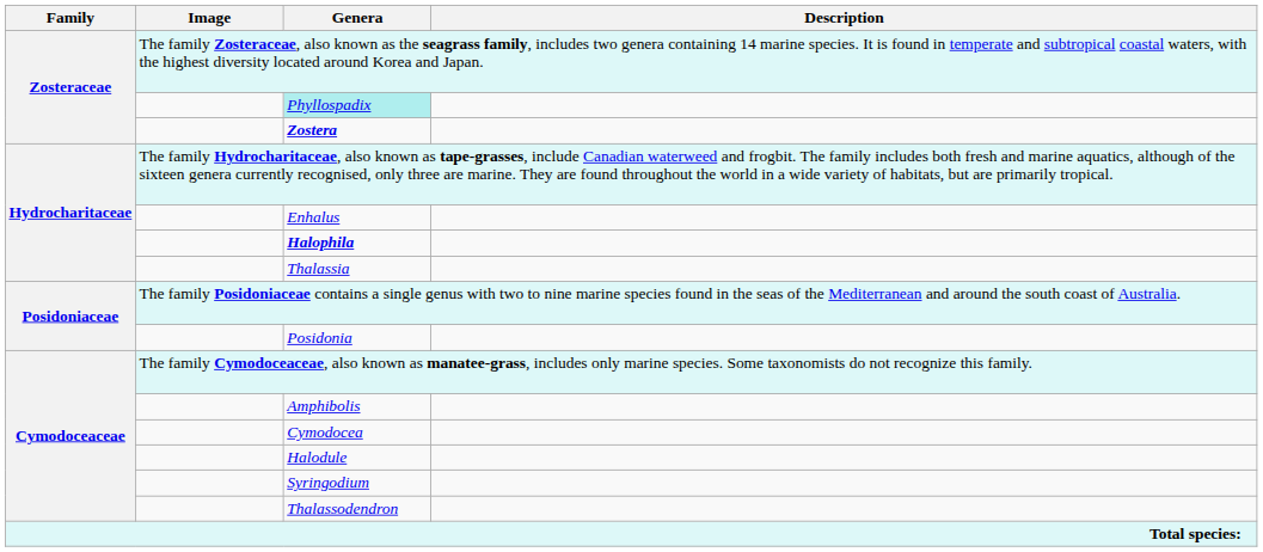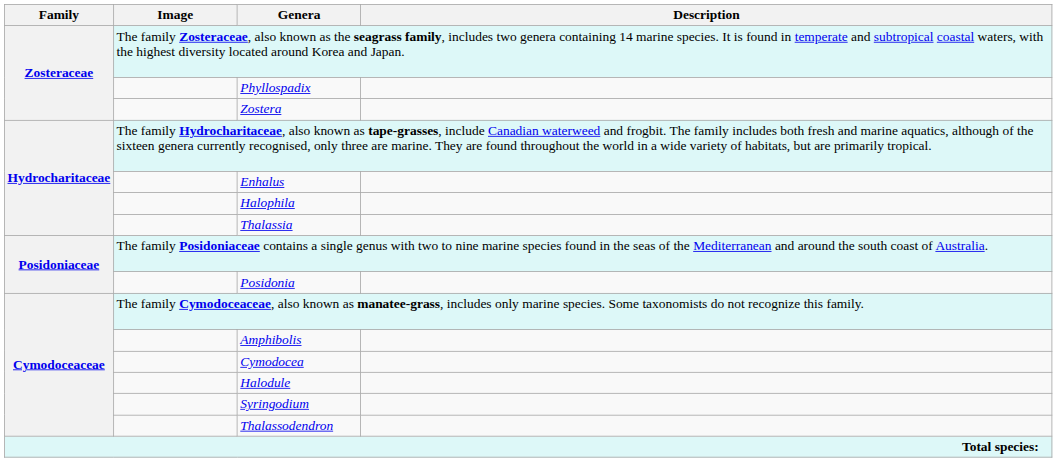 <table class="wikitable">
 <tr>
 <th>Family</th>
 <th width=140px>Image</th>
 <th width=140px>Genera</th>
 <th>Description</th>
 </tr>
 <tr>
 <th rowspan=3><a href='#'>Zosteraceae</a></th>
 <td colspan=3 style="text-align:left; background:#ddf8f8;">The family <strong><a href='#'>Zosteraceae</a></strong>, also known as the <strong>seagrass family</strong>, includes two genera containing 14 marine species. It is found in <a href='#'>temperate</a> and <a href='#'>subtropical</a> <a href='#'>coastal</a> waters, with the highest diversity located around Korea and Japan.<br><br></td>
 </tr>
 <tr>
 <td></td>
-<td style="background: paleturquoise;"><em><a href='#'>Phyllospadix</a></em></td>
+<td><em><a href='#'>Phyllospadix</a></em></td>
 <td></td>
 </tr>
 <tr>
 <td></td>
-<td><strong><em><a href='#'>Zostera</a></em></strong></td>
+<td><em><a href='#'>Zostera</a></em></td>
 <td></td>
 </tr>
 <tr>
 <th rowspan=4><a href='#'>Hydrocharitaceae</a></th>
 <td colspan=3 style="text-align:left; background:#ddf8f8;">The family <strong><a href='#'>Hydrocharitaceae</a></strong>, also known as <strong>tape-grasses</strong>, include <a href='#'>Canadian waterweed</a> and frogbit. The family includes both fresh and marine aquatics, although of the sixteen genera currently recognised, only three are marine. They are found throughout the world in a wide variety of habitats, but are primarily tropical.<br><br></td>
 </tr>
 <tr>
 <td></td>
 <td><em><a href='#'>Enhalus</a></em></td>
 <td></td>
 </tr>
 <tr>
 <td></td>
-<td><strong><em><a href='#'>Halophila</a></em></strong></td>
+<td><em><a href='#'>Halophila</a></em></td>
 <td></td>
 </tr>
 <tr>
 <td></td>
 <td><a href='#'><em>Thalassia</em></a></td>
 <td></td>
 </tr>
 <tr>
 <th rowspan=2><a href='#'>Posidoniaceae</a></th>
 <td colspan=3 style="text-align:left; background:#ddf8f8;">The family <strong><a href='#'>Posidoniaceae</a></strong> contains a single genus with two to nine marine species found in the seas of the <a href='#'>Mediterranean</a> and around the south coast of <a href='#'>Australia</a>.<br><br></td>
 </tr>
 <tr>
 <td></td>
 <td><em><a href='#'>Posidonia</a></em></td>
 <td></td>
 </tr>
 <tr>
 <th rowspan=6><a href='#'>Cymodoceaceae</a></th>
 <td colspan=3 style="text-align:left; background:#ddf8f8;">The family <strong><a href='#'>Cymodoceaceae</a></strong>, also known as <strong>manatee-grass</strong>, includes only marine species. Some taxonomists do not recognize this family.<br><br></td>
 </tr>
 <tr>
 <td></td>
 <td><em><a href='#'>Amphibolis</a></em></td>
 <td></td>
 </tr>
 <tr>
 <td></td>
 <td><em><a href='#'>Cymodocea</a></em></td>
 <td></td>
 </tr>
 <tr>
 <td></td>
 <td><em><a href='#'>Halodule</a></em></td>
 <td></td>
 </tr>
 <tr>
 <td></td>
 <td><em><a href='#'>Syringodium</a></em></td>
 <td></td>
 </tr>
 <tr>
 <td></td>
 <td><em><a href='#'>Thalassodendron</a></em></td>
 <td></td>
 </tr>
 <tr style="background:#ddf8f8;">
 <td colspan=4 style="text-align:right; "><strong>Total species:   </strong></td>
 </tr>
 </table>
